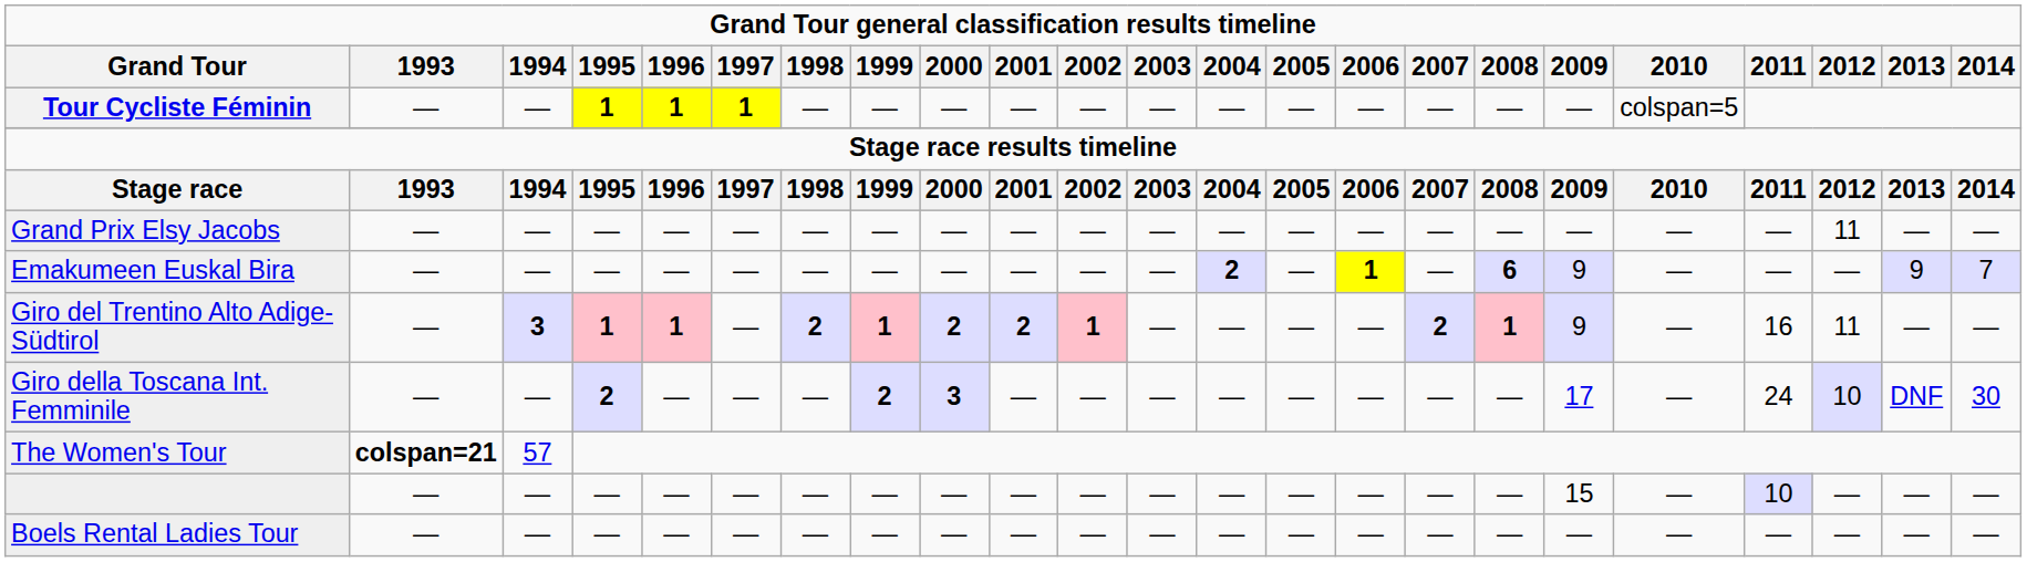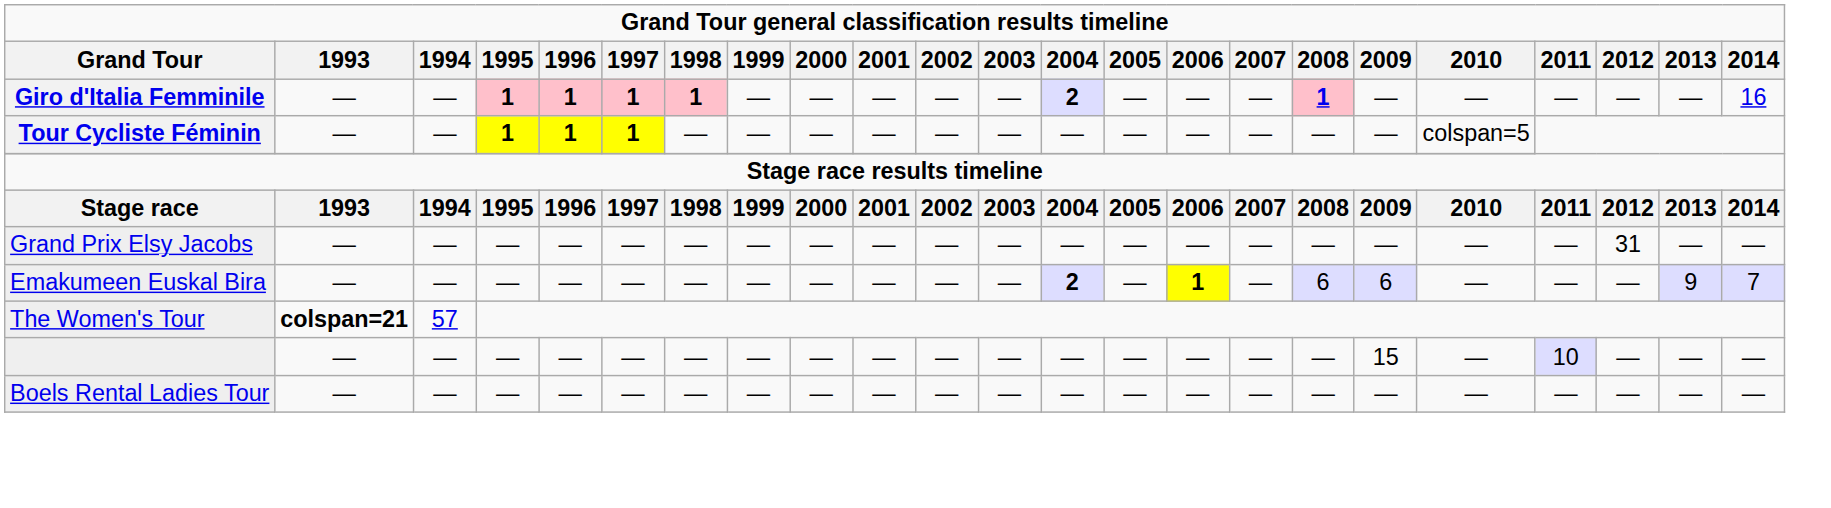 <table class="wikitable plainrowheaders">
 <tr>
 <td colspan=23 align="center"><strong>Grand Tour general classification results timeline</strong></td>
 </tr>
 <tr>
 <th scope="col">Grand Tour</th>
 <th scope="col">1993</th>
 <th scope="col">1994</th>
 <th scope="col">1995</th>
 <th scope="col">1996</th>
 <th scope="col">1997</th>
 <th scope="col">1998</th>
 <th scope="col">1999</th>
 <th scope="col">2000</th>
 <th scope="col">2001</th>
 <th scope="col">2002</th>
 <th scope="col">2003</th>
 <th scope="col">2004</th>
 <th scope="col">2005</th>
 <th scope="col">2006</th>
 <th scope="col">2007</th>
 <th scope="col">2008</th>
 <th scope="col">2009</th>
 <th scope="col">2010</th>
 <th scope="col">2011</th>
 <th scope="col">2012</th>
 <th scope="col">2013</th>
 <th scope="col">2014</th>
+</tr>
+<tr style="text-align:center;">
+<th scope="row"> <a href='#'>Giro d'Italia Femminile</a></th>
+<td>—</td>
+<td>—</td>
+<td style="text-align:center; background:pink;"><strong>1</strong></td>
+<td style="text-align:center; background:pink;"><strong>1</strong></td>
+<td style="text-align:center; background:pink;"><strong>1</strong></td>
+<td style="text-align:center; background:pink;"><strong>1</strong></td>
+<td>—</td>
+<td>—</td>
+<td>—</td>
+<td>—</td>
+<td>—</td>
+<td style="text-align:center; background:#ddf;"><strong>2</strong></td>
+<td>—</td>
+<td>—</td>
+<td>—</td>
+<td style="text-align:center; background:pink;"><a href='#'><strong>1</strong></a></td>
+<td>—</td>
+<td>—</td>
+<td>—</td>
+<td>—</td>
+<td>—</td>
+<td><a href='#'>16</a></td>
 </tr>
 <tr style="text-align:center;">
 <th scope="row"> <a href='#'>Tour Cycliste Féminin</a></th>
 <td>—</td>
 <td>—</td>
 <td style="text-align:center; background:yellow;"><strong>1</strong></td>
 <td style="text-align:center; background:yellow;"><strong>1</strong></td>
 <td style="text-align:center; background:yellow;"><strong>1</strong></td>
 <td>—</td>
 <td>—</td>
 <td>—</td>
 <td>—</td>
 <td>—</td>
 <td>—</td>
 <td>—</td>
 <td>—</td>
 <td>—</td>
 <td>—</td>
 <td>—</td>
 <td>—</td>
 <td>colspan=5 </td>
 </tr>
 <tr style="text-align:center;">
 </tr>
 <tr>
 <td colspan=23 align=center><strong>Stage race results timeline</strong></td>
 </tr>
 <tr style="background:#EEEEEE;">
 <th>Stage race</th>
 <th scope="col">1993</th>
 <th scope="col">1994</th>
 <th scope="col">1995</th>
 <th scope="col">1996</th>
 <th scope="col">1997</th>
 <th scope="col">1998</th>
 <th scope="col">1999</th>
 <th scope="col">2000</th>
 <th scope="col">2001</th>
 <th scope="col">2002</th>
 <th scope="col">2003</th>
 <th scope="col">2004</th>
 <th scope="col">2005</th>
 <th scope="col">2006</th>
 <th scope="col">2007</th>
 <th scope="col">2008</th>
 <th scope="col">2009</th>
 <th scope="col">2010</th>
 <th scope="col">2011</th>
 <th scope="col">2012</th>
 <th scope="col">2013</th>
 <th scope="col">2014</th>
 </tr>
 <tr>
 <td style="text-align:left; background:#efefef;"><a href='#'>Grand Prix Elsy Jacobs</a></td>
 <td style="text-align:center;">—</td>
 <td style="text-align:center;">—</td>
 <td style="text-align:center;">—</td>
 <td style="text-align:center;">—</td>
 <td style="text-align:center;">—</td>
 <td style="text-align:center;">—</td>
 <td style="text-align:center;">—</td>
 <td style="text-align:center;">—</td>
 <td style="text-align:center;">—</td>
 <td style="text-align:center;">—</td>
 <td style="text-align:center;">—</td>
 <td style="text-align:center;">—</td>
 <td style="text-align:center;">—</td>
 <td style="text-align:center;">—</td>
 <td style="text-align:center;">—</td>
 <td style="text-align:center;">—</td>
 <td style="text-align:center;">—</td>
 <td style="text-align:center;">—</td>
 <td style="text-align:center;">—</td>
-<td style="text-align:center;">11</td>
+<td style="text-align:center;">31</td>
 <td style="text-align:center;">—</td>
 <td style="text-align:center;">—</td>
 </tr>
 <tr>
 <td style="text-align:left; background:#efefef;"><a href='#'>Emakumeen Euskal Bira</a></td>
 <td style="text-align:center;">—</td>
 <td style="text-align:center;">—</td>
 <td style="text-align:center;">—</td>
 <td style="text-align:center;">—</td>
 <td style="text-align:center;">—</td>
 <td style="text-align:center;">—</td>
 <td style="text-align:center;">—</td>
 <td style="text-align:center;">—</td>
 <td style="text-align:center;">—</td>
 <td style="text-align:center;">—</td>
 <td style="text-align:center;">—</td>
 <td style="text-align:center; background:#ddf"><strong>2</strong></td>
 <td style="text-align:center;">—</td>
 <td style="text-align:center; background:yellow"><strong>1</strong></td>
 <td style="text-align:center;">—</td>
-<td style="text-align:center; background:#ddf"><strong>6</strong></td>
-<td style="text-align:center; background:#ddf">9</td>
+<td style="text-align:center; background:#ddf">6</td>
+<td style="text-align:center; background:#ddf">6</td>
 <td style="text-align:center;">—</td>
 <td style="text-align:center;">—</td>
 <td style="text-align:center;">—</td>
 <td style="text-align:center; background:#ddf">9</td>
 <td style="text-align:center; background:#ddf">7</td>
-</tr>
-<tr>
-<td style="text-align:left; background:#efefef;"><a href='#'>Giro del Trentino Alto Adige-Südtirol</a></td>
-<td style="text-align:center;">—</td>
-<td style="text-align:center; background:#ddf;"><strong>3</strong></td>
-<td style="text-align:center; background:pink;"><strong>1</strong></td>
-<td style="text-align:center; background:pink;"><strong>1</strong></td>
-<td style="text-align:center;">—</td>
-<td style="text-align:center; background:#ddf"><strong>2</strong></td>
-<td style="text-align:center; background:pink;"><strong>1</strong></td>
-<td style="text-align:center; background:#ddf"><strong>2</strong></td>
-<td style="text-align:center; background:#ddf"><strong>2</strong></td>
-<td style="text-align:center; background:pink"><strong>1</strong></td>
-<td style="text-align:center;">—</td>
-<td style="text-align:center;">—</td>
-<td style="text-align:center;">—</td>
-<td style="text-align:center;">—</td>
-<td style="text-align:center; background:#ddf"><strong>2</strong></td>
-<td style="text-align:center; background:pink"><strong>1</strong></td>
-<td style="text-align:center; background:#ddf">9</td>
-<td style="text-align:center;">—</td>
-<td style="text-align:center;">16</td>
-<td style="text-align:center;">11</td>
-<td style="text-align:center;">—</td>
-<td style="text-align:center;">—</td>
-</tr>
-<tr>
-<td style="text-align:left; background:#efefef;"><a href='#'>Giro della Toscana Int. Femminile</a></td>
-<td style="text-align:center;">—</td>
-<td style="text-align:center;">—</td>
-<td style="text-align:center; background:#ddf"><strong>2</strong></td>
-<td style="text-align:center;">—</td>
-<td style="text-align:center;">—</td>
-<td style="text-align:center;">—</td>
-<td style="text-align:center; background:#ddf"><strong>2</strong></td>
-<td style="text-align:center; background:#ddf"><strong>3</strong></td>
-<td style="text-align:center;">—</td>
-<td style="text-align:center;">—</td>
-<td style="text-align:center;">—</td>
-<td style="text-align:center;">—</td>
-<td style="text-align:center;">—</td>
-<td style="text-align:center;">—</td>
-<td style="text-align:center;">—</td>
-<td style="text-align:center;">—</td>
-<td style="text-align:center;"><a href='#'>17</a></td>
-<td style="text-align:center;">—</td>
-<td style="text-align:center;">24</td>
-<td style="text-align:center; background:#ddf">10</td>
-<td style="text-align:center;"><a href='#'>DNF</a></td>
-<td style="text-align:center;"><a href='#'>30</a></td>
 </tr>
 <tr>
 <td style="text-align:left; background:#efefef;"><a href='#'>The Women's Tour</a></td>
 <td><strong>colspan=21 </strong></td>
 <td style="text-align:center;"><a href='#'>57</a></td>
 </tr>
 <tr>
 <td style="text-align:left; background:#efefef;"></td>
 <td style="text-align:center;">—</td>
 <td style="text-align:center;">—</td>
 <td style="text-align:center;">—</td>
 <td style="text-align:center;">—</td>
 <td style="text-align:center;">—</td>
 <td style="text-align:center;">—</td>
 <td style="text-align:center;">—</td>
 <td style="text-align:center;">—</td>
 <td style="text-align:center;">—</td>
 <td style="text-align:center;">—</td>
 <td style="text-align:center;">—</td>
 <td style="text-align:center;">—</td>
 <td style="text-align:center;">—</td>
 <td style="text-align:center;">—</td>
 <td style="text-align:center;">—</td>
 <td style="text-align:center;">—</td>
 <td style="text-align:center;">15</td>
 <td style="text-align:center;">—</td>
 <td style="text-align:center; background:#ddf">10</td>
 <td style="text-align:center;">—</td>
 <td style="text-align:center;">—</td>
 <td style="text-align:center;">—</td>
 </tr>
 <tr>
 <td style="text-align:left; background:#efefef;"><a href='#'>Boels Rental Ladies Tour</a></td>
 <td style="text-align:center;">—</td>
 <td style="text-align:center;">—</td>
 <td style="text-align:center;">—</td>
 <td style="text-align:center;">—</td>
 <td style="text-align:center;">—</td>
 <td style="text-align:center;">—</td>
 <td style="text-align:center;">—</td>
 <td style="text-align:center;">—</td>
 <td style="text-align:center;">—</td>
 <td style="text-align:center;">—</td>
 <td style="text-align:center;">—</td>
 <td style="text-align:center;">—</td>
 <td style="text-align:center;">—</td>
 <td style="text-align:center;">—</td>
 <td style="text-align:center;">—</td>
 <td style="text-align:center;">—</td>
 <td style="text-align:center;">—</td>
 <td style="text-align:center;">—</td>
 <td style="text-align:center;">—</td>
 <td style="text-align:center;">—</td>
 <td style="text-align:center;">—</td>
 <td style="text-align:center;">—</td>
 </tr>
 </table>
